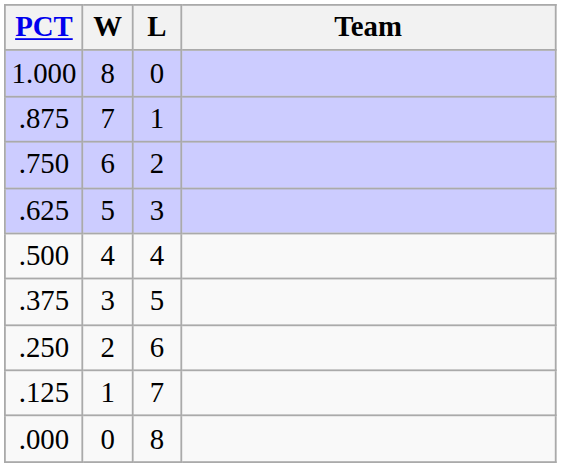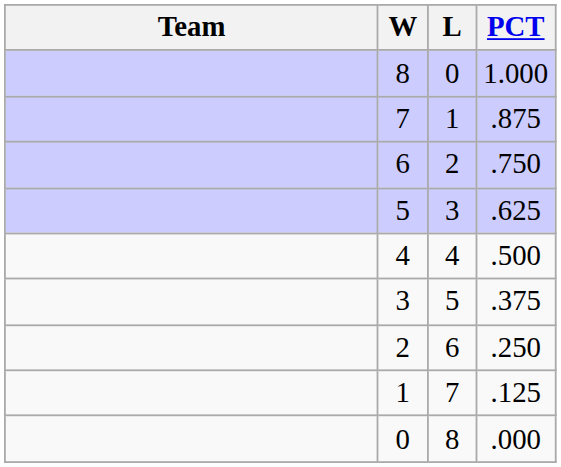 <table class="wikitable" style="text-align:center;">
 <tr>
-<th width=30px><a href='#'>PCT</a></th>
+<th width=200px>Team</th>
 <th width=20px>W</th>
 <th width=20px>L</th>
-<th width=200px>Team</th>
+<th width=30px><a href='#'>PCT</a></th>
 </tr>
 <tr bgcolor="#CCCCFF">
-<td>1.000</td>
+<td align=left></td>
 <td>8</td>
 <td>0</td>
-<td align=left></td>
+<td>1.000</td>
 </tr>
 <tr bgcolor="#CCCCFF">
-<td>.875</td>
+<td align=left></td>
 <td>7</td>
 <td>1</td>
-<td align=left></td>
+<td>.875</td>
 </tr>
 <tr bgcolor="#CCCCFF">
-<td>.750</td>
+<td align=left></td>
 <td>6</td>
 <td>2</td>
-<td align=left></td>
+<td>.750</td>
 </tr>
 <tr bgcolor="#CCCCFF">
-<td>.625</td>
+<td align=left></td>
 <td>5</td>
 <td>3</td>
-<td align=left></td>
+<td>.625</td>
 </tr>
 <tr>
-<td>.500</td>
+<td align=left></td>
 <td>4</td>
 <td>4</td>
-<td align=left></td>
+<td>.500</td>
 </tr>
 <tr>
-<td>.375</td>
+<td align=left></td>
 <td>3</td>
 <td>5</td>
-<td align=left></td>
+<td>.375</td>
 </tr>
 <tr>
-<td>.250</td>
+<td align=left></td>
 <td>2</td>
 <td>6</td>
-<td align=left></td>
+<td>.250</td>
 </tr>
 <tr>
-<td>.125</td>
+<td align=left><strong></strong></td>
 <td>1</td>
 <td>7</td>
-<td align=left><strong></strong></td>
+<td>.125</td>
 </tr>
 <tr>
-<td>.000</td>
+<td align=left></td>
 <td>0</td>
 <td>8</td>
-<td align=left></td>
+<td>.000</td>
 </tr>
 </table>
